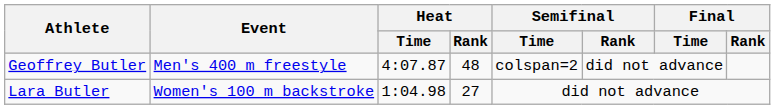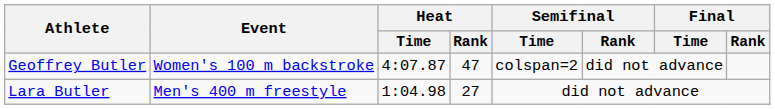 <table class=wikitable style="font-size:90%">
 <tr>
 <th rowspan="2">Athlete</th>
 <th rowspan="2">Event</th>
 <th colspan="2">Heat</th>
 <th colspan="2">Semifinal</th>
 <th colspan="2">Final</th>
 </tr>
 <tr style="font-size:95%">
 <th>Time</th>
 <th>Rank</th>
 <th>Time</th>
 <th>Rank</th>
 <th>Time</th>
 <th>Rank</th>
 </tr>
 <tr align=center>
 <td align=left><a href='#'>Geoffrey Butler</a></td>
-<td align=left><a href='#'>Men's 400 m freestyle</a></td>
+<td align=left><a href='#'>Women's 100 m backstroke</a></td>
 <td>4:07.87</td>
-<td>48</td>
+<td>47</td>
 <td>colspan=2 </td>
 <td colspan=2>did not advance</td>
 </tr>
 <tr align=center>
 <td align=left><a href='#'>Lara Butler</a></td>
-<td align=left><a href='#'>Women's 100 m backstroke</a></td>
+<td align=left><a href='#'>Men's 400 m freestyle</a></td>
 <td>1:04.98</td>
 <td>27</td>
 <td colspan=4>did not advance</td>
 </tr>
 </table>
